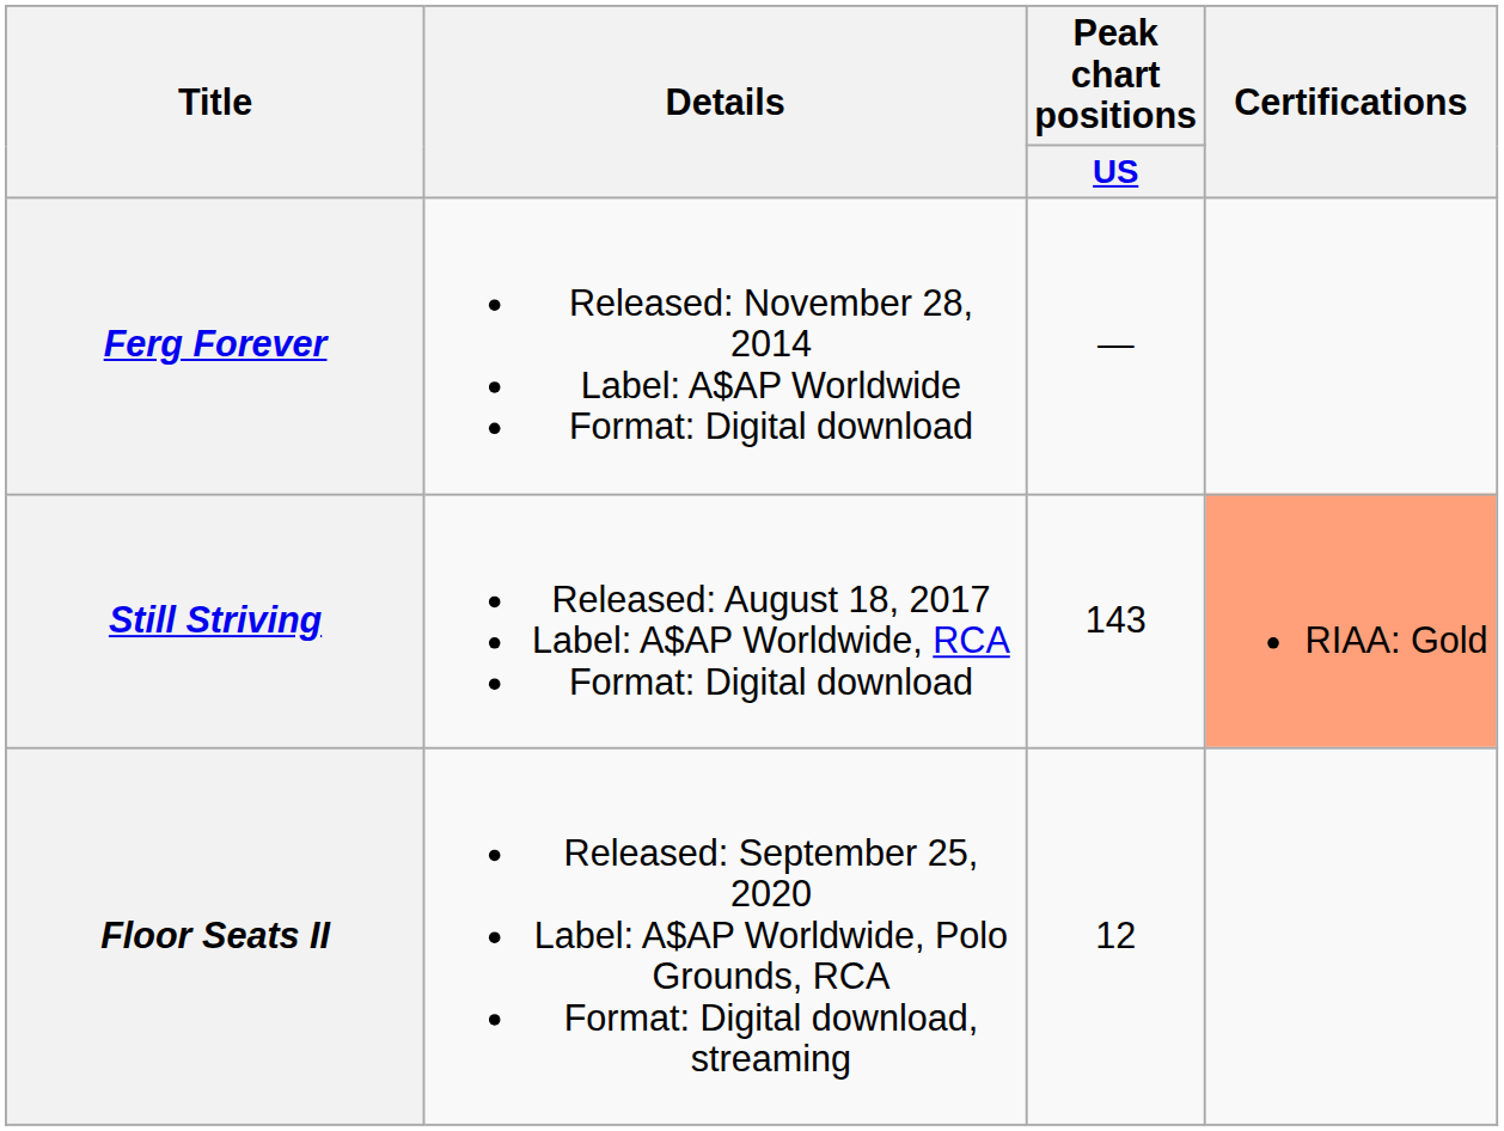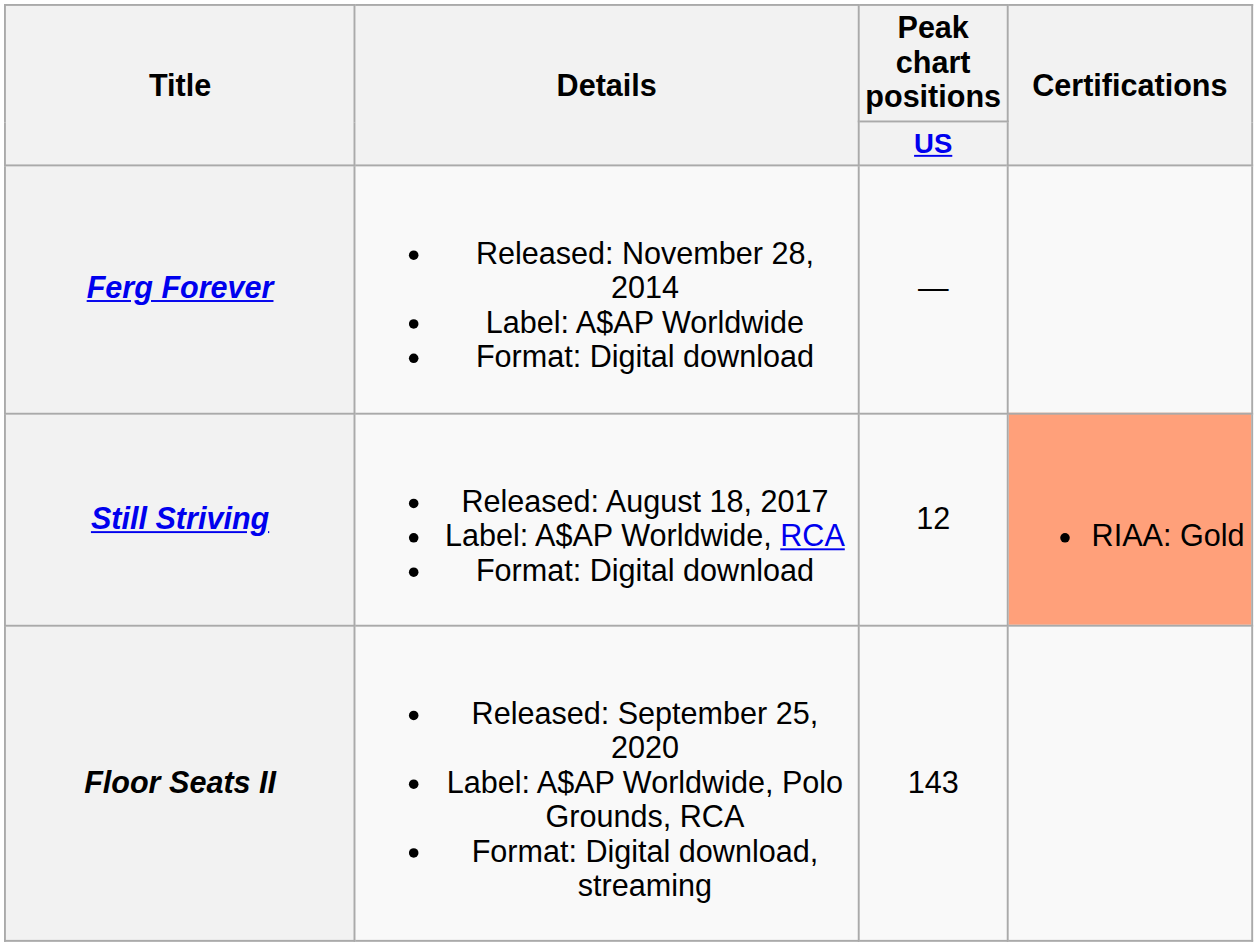 <table class="wikitable plainrowheaders" style="text-align:center;">
 <tr>
 <th scope="col" rowspan="2" style="width:11em;">Title</th>
 <th scope="col" rowspan="2" style="width:16em;">Details</th>
 <th scope="col">Peak chart positions</th>
 <th scope="col" rowspan="2">Certifications</th>
 </tr>
 <tr>
 <th scope="col" style="width:3em;font-size:90%;"><a href='#'>US</a><br></th>
 </tr>
 <tr>
 <th scope="row"><em><a href='#'>Ferg Forever</a></em></th>
 <td><br><ul><li>Released: November 28, 2014</li><li>Label: A$AP Worldwide</li><li>Format: Digital download</li></ul></td>
 <td>—</td>
 <td></td>
 </tr>
 <tr>
 <th scope="row"><em><a href='#'>Still Striving</a></em></th>
 <td><br><ul><li>Released: August 18, 2017</li><li>Label: A$AP Worldwide, <a href='#'>RCA</a></li><li>Format: Digital download</li></ul></td>
-<td>143</td>
+<td>12</td>
 <td style="background: lightsalmon;"><br><ul><li>RIAA: Gold</li></ul></td>
 </tr>
 <tr>
 <th scope="row"><em>Floor Seats II</em></th>
 <td><br><ul><li>Released: September 25, 2020</li><li>Label: A$AP Worldwide, Polo Grounds, RCA</li><li>Format: Digital download, streaming</li></ul></td>
-<td>12</td>
+<td>143</td>
 <td></td>
 </tr>
 </table>
